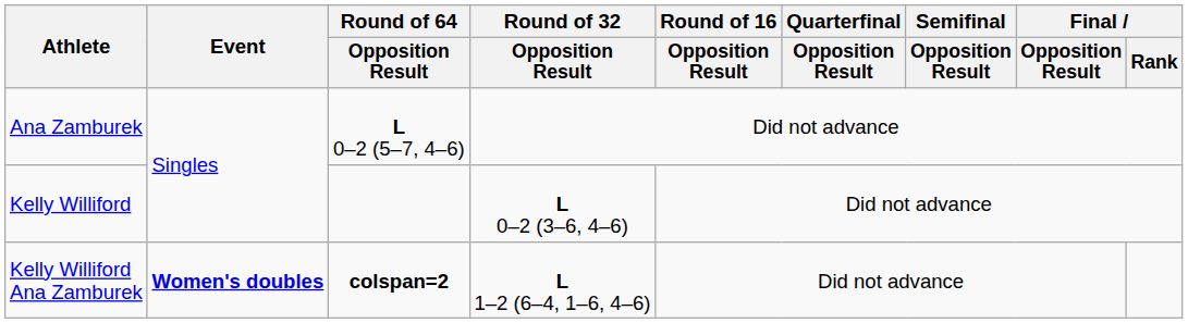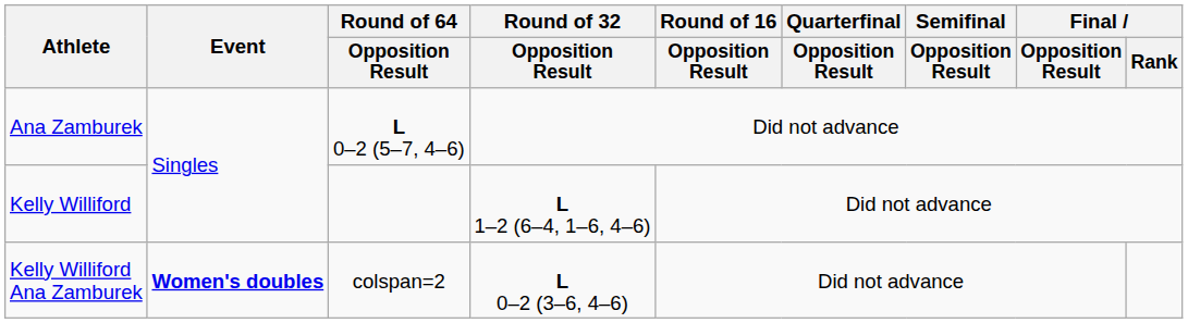 <table class=wikitable style=font-size:90%;text-align:center>
 <tr>
 <th rowspan=2>Athlete</th>
 <th rowspan=2>Event</th>
 <th>Round of 64</th>
 <th>Round of 32</th>
 <th>Round of 16</th>
 <th>Quarterfinal</th>
 <th>Semifinal</th>
 <th colspan=2>Final / </th>
 </tr>
 <tr style=font-size:95%>
 <th>Opposition<br>Result</th>
 <th>Opposition<br>Result</th>
 <th>Opposition<br>Result</th>
 <th>Opposition<br>Result</th>
 <th>Opposition<br>Result</th>
 <th>Opposition<br>Result</th>
 <th>Rank</th>
 </tr>
 <tr>
 <td align=left><a href='#'>Ana Zamburek</a></td>
 <td align=left rowspan=2><a href='#'>Singles</a></td>
 <td><br><strong>L</strong><br> 0–2 (5–7, 4–6)</td>
 <td colspan=6>Did not advance</td>
 </tr>
 <tr>
 <td align=left><a href='#'>Kelly Williford</a></td>
 <td></td>
-<td><br><strong>L</strong><br> 0–2 (3–6, 4–6)</td>
+<td><br><strong>L</strong><br> 1–2 (6–4, 1–6, 4–6)</td>
 <td colspan=5>Did not advance</td>
 </tr>
 <tr>
 <td align=left><a href='#'>Kelly Williford</a><br><a href='#'>Ana Zamburek</a></td>
 <td align=left><strong><a href='#'>Women's doubles</a></strong></td>
-<td><strong>colspan=2 </strong></td>
-<td><br><strong>L</strong><br> 1–2 (6–4, 1–6, 4–6)</td>
+<td>colspan=2 </td>
+<td><br><strong>L</strong><br> 0–2 (3–6, 4–6)</td>
 <td colspan=4>Did not advance</td>
 </tr>
 </table>
